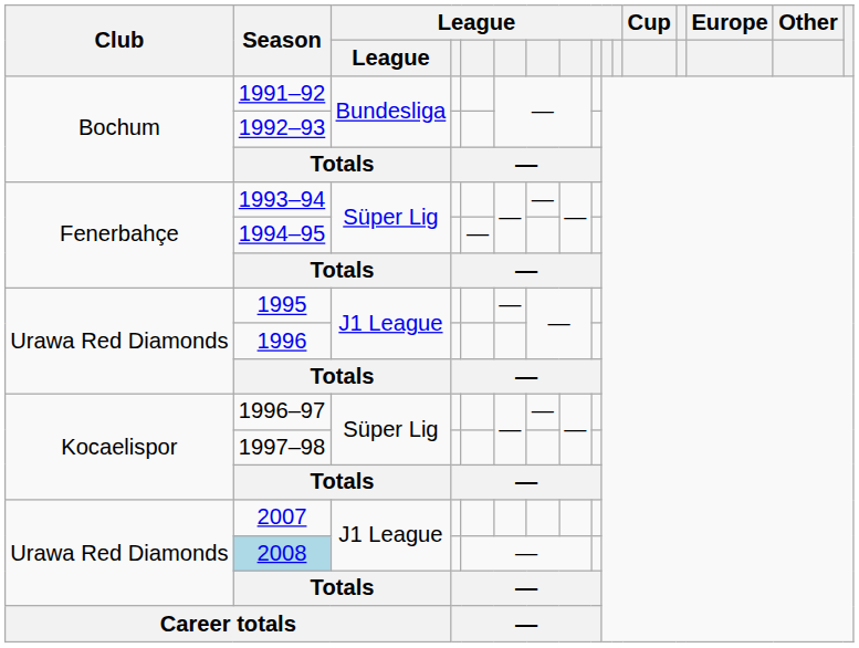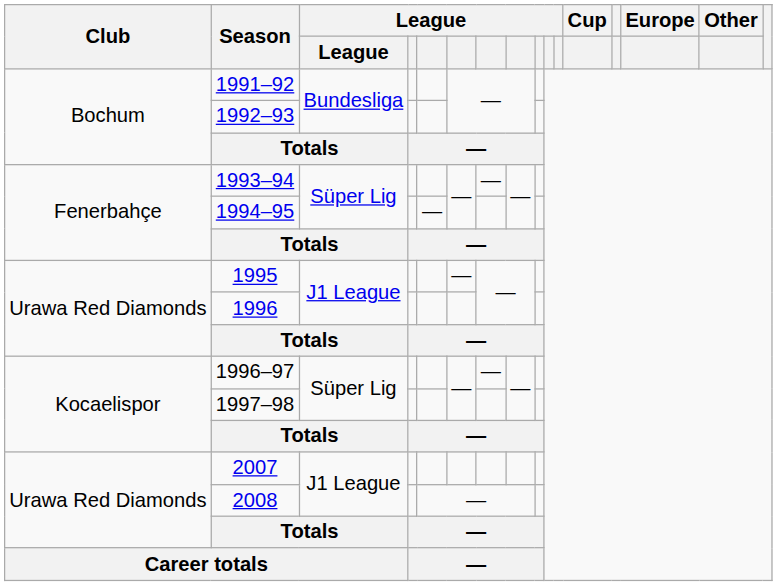 <table class="wikitable" style="text-align: center">
 <tr>
 <th rowspan="2">Club</th>
 <th rowspan="2">Season</th>
 <th colspan="9">League</th>
 <th>Cup</th>
 <th></th>
 <th>Europe</th>
 <th>Other</th>
 <th rowspan="2"></th>
 </tr>
 <tr>
 <th>League</th>
 <th></th>
 <th></th>
 <th></th>
 <th></th>
 <th></th>
 <th></th>
 <th></th>
 <th></th>
 <th></th>
 <th></th>
 <th></th>
 <th></th>
 </tr>
 <tr>
 <td rowspan="3">Bochum</td>
 <td><a href='#'>1991–92</a></td>
 <td rowspan="2"><a href='#'>Bundesliga</a><br></td>
 <td></td>
 <td></td>
 <td rowspan="2" colspan="3">—</td>
 <td></td>
 </tr>
 <tr>
 <td><a href='#'>1992–93</a><br></td>
 <td></td>
 <td></td>
 <td></td>
 </tr>
 <tr>
 <th colspan="2">Totals<br></th>
 <th colspan="6">—</th>
 </tr>
 <tr>
 <td rowspan="3">Fenerbahçe</td>
 <td><a href='#'>1993–94</a></td>
 <td rowspan="2"><a href='#'>Süper Lig</a><br></td>
 <td></td>
 <td></td>
 <td rowspan="2">—</td>
 <td>—</td>
 <td rowspan="2">—</td>
 <td></td>
 </tr>
 <tr>
 <td><a href='#'>1994–95</a><br></td>
 <td></td>
 <td>—</td>
 <td></td>
 <td></td>
 </tr>
 <tr>
 <th colspan="2">Totals<br></th>
 <th colspan="6">—</th>
 </tr>
 <tr>
 <td rowspan="3">Urawa Red Diamonds</td>
 <td><a href='#'>1995</a></td>
 <td rowspan="2"><a href='#'>J1 League</a><br></td>
 <td></td>
 <td></td>
 <td>—</td>
 <td rowspan="2" colspan="2">—</td>
 <td></td>
 </tr>
 <tr>
 <td><a href='#'>1996</a><br></td>
 <td></td>
 <td></td>
 <td></td>
 <td></td>
 </tr>
 <tr>
 <th colspan="2">Totals<br></th>
 <th colspan="6">—</th>
 </tr>
 <tr>
 <td rowspan="3">Kocaelispor</td>
 <td>1996–97</td>
 <td rowspan="2">Süper Lig<br></td>
 <td></td>
 <td></td>
 <td rowspan="2">—</td>
 <td>—</td>
 <td rowspan="2">—</td>
 <td></td>
 </tr>
 <tr>
 <td>1997–98<br></td>
 <td></td>
 <td></td>
 <td></td>
 <td></td>
 </tr>
 <tr>
 <th colspan="2">Totals<br></th>
 <th colspan="6">—</th>
 </tr>
 <tr>
 <td rowspan="3">Urawa Red Diamonds</td>
 <td><a href='#'>2007</a></td>
 <td rowspan="2">J1 League<br></td>
 <td></td>
 <td></td>
 <td></td>
 <td></td>
 <td><br></td>
 <td></td>
 </tr>
 <tr>
-<td style="background: lightblue;"><a href='#'>2008</a><br></td>
+<td><a href='#'>2008</a><br></td>
 <td></td>
 <td colspan="4">—</td>
 <td></td>
 </tr>
 <tr>
 <th colspan="2">Totals<br></th>
 <th colspan="6">—</th>
 </tr>
 <tr>
 <th colspan="3">Career totals<br></th>
 <th colspan="6">—</th>
 </tr>
 </table>
